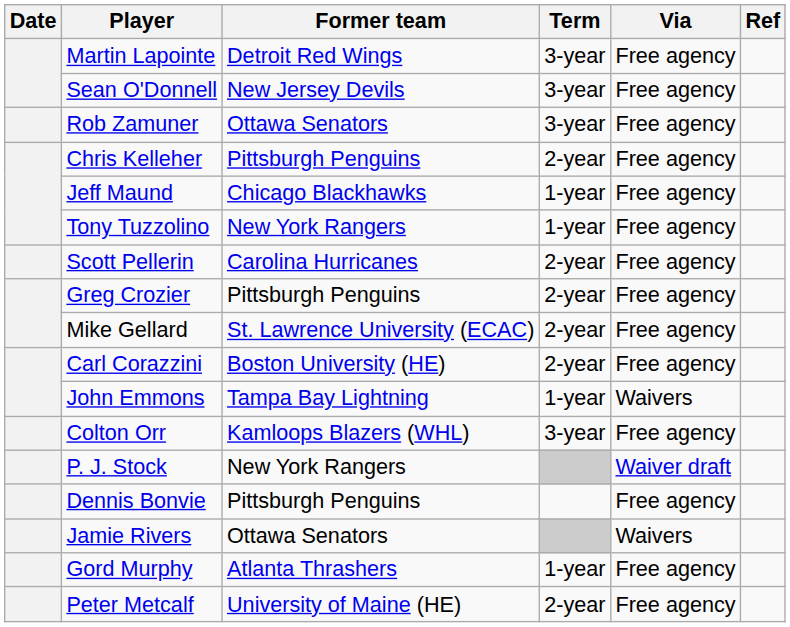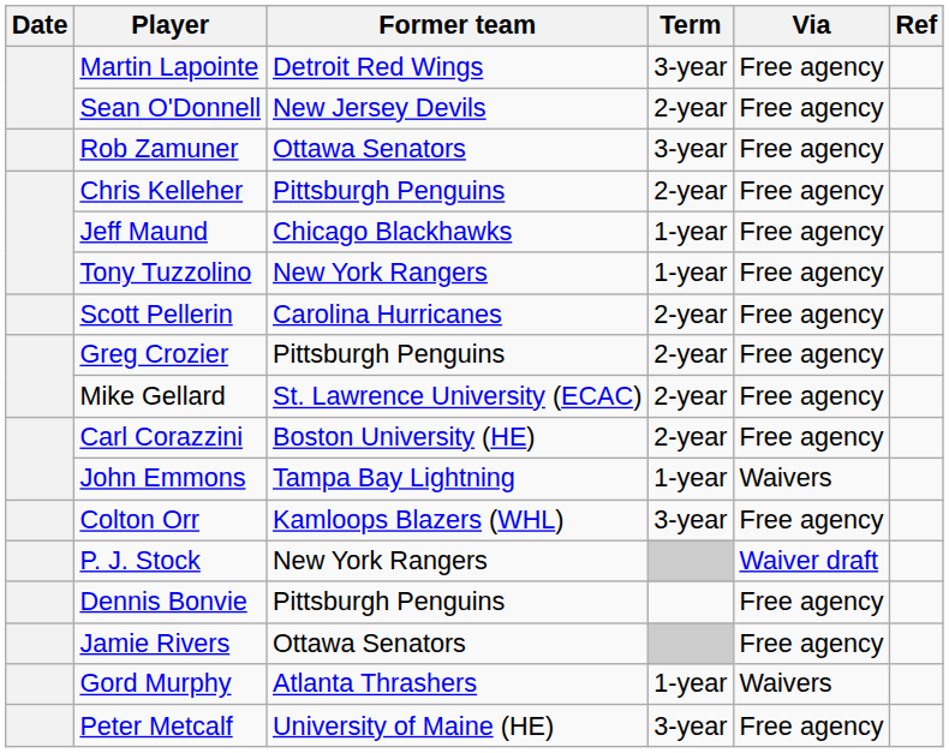 <table class="wikitable plainrowheaders">
 <tr style="background:#ddd; text-align:center;">
 <th>Date</th>
 <th>Player</th>
 <th>Former team</th>
 <th>Term</th>
 <th>Via</th>
 <th>Ref</th>
 </tr>
 <tr>
 <th scope="row" rowspan=2></th>
 <td><a href='#'>Martin Lapointe</a></td>
 <td><a href='#'>Detroit Red Wings</a></td>
 <td>3-year</td>
 <td>Free agency</td>
 <td></td>
 </tr>
 <tr>
 <td><a href='#'>Sean O'Donnell</a></td>
 <td><a href='#'>New Jersey Devils</a></td>
-<td>3-year</td>
+<td>2-year</td>
 <td>Free agency</td>
 <td></td>
 </tr>
 <tr>
 <th scope="row"></th>
 <td><a href='#'>Rob Zamuner</a></td>
 <td><a href='#'>Ottawa Senators</a></td>
 <td>3-year</td>
 <td>Free agency</td>
 <td></td>
 </tr>
 <tr>
 <th scope="row" rowspan=3></th>
 <td><a href='#'>Chris Kelleher</a></td>
 <td><a href='#'>Pittsburgh Penguins</a></td>
 <td>2-year</td>
 <td>Free agency</td>
 <td></td>
 </tr>
 <tr>
 <td><a href='#'>Jeff Maund</a></td>
 <td><a href='#'>Chicago Blackhawks</a></td>
 <td>1-year</td>
 <td>Free agency</td>
 <td></td>
 </tr>
 <tr>
 <td><a href='#'>Tony Tuzzolino</a></td>
 <td><a href='#'>New York Rangers</a></td>
 <td>1-year</td>
 <td>Free agency</td>
 <td></td>
 </tr>
 <tr>
 <th scope="row"></th>
 <td><a href='#'>Scott Pellerin</a></td>
 <td><a href='#'>Carolina Hurricanes</a></td>
 <td>2-year</td>
 <td>Free agency</td>
 <td></td>
 </tr>
 <tr>
 <th scope="row" rowspan=2></th>
 <td><a href='#'>Greg Crozier</a></td>
 <td>Pittsburgh Penguins</td>
 <td>2-year</td>
 <td>Free agency</td>
 <td></td>
 </tr>
 <tr>
 <td>Mike Gellard</td>
 <td><a href='#'>St. Lawrence University</a> (<a href='#'>ECAC</a>)</td>
 <td>2-year</td>
 <td>Free agency</td>
 <td></td>
 </tr>
 <tr>
 <th scope="row" rowspan=2></th>
 <td><a href='#'>Carl Corazzini</a></td>
 <td><a href='#'>Boston University</a> (<a href='#'>HE</a>)</td>
 <td>2-year</td>
 <td>Free agency</td>
 <td></td>
 </tr>
 <tr>
 <td><a href='#'>John Emmons</a></td>
 <td><a href='#'>Tampa Bay Lightning</a></td>
 <td>1-year</td>
 <td>Waivers</td>
 <td></td>
 </tr>
 <tr>
 <th scope="row"></th>
 <td><a href='#'>Colton Orr</a></td>
 <td><a href='#'>Kamloops Blazers</a> (<a href='#'>WHL</a>)</td>
 <td>3-year</td>
 <td>Free agency</td>
 <td></td>
 </tr>
 <tr>
 <th scope="row"></th>
 <td><a href='#'>P. J. Stock</a></td>
 <td>New York Rangers</td>
 <td style="background:#ccc"></td>
 <td><a href='#'>Waiver draft</a></td>
 <td></td>
 </tr>
 <tr>
 <th scope="row"></th>
 <td><a href='#'>Dennis Bonvie</a></td>
 <td>Pittsburgh Penguins</td>
 <td></td>
 <td>Free agency</td>
 <td></td>
 </tr>
 <tr>
 <th scope="row"></th>
 <td><a href='#'>Jamie Rivers</a></td>
 <td>Ottawa Senators</td>
 <td style="background:#ccc"></td>
-<td>Waivers</td>
+<td>Free agency</td>
 <td></td>
 </tr>
 <tr>
 <th scope="row"></th>
 <td><a href='#'>Gord Murphy</a></td>
 <td><a href='#'>Atlanta Thrashers</a></td>
 <td>1-year</td>
-<td>Free agency</td>
+<td>Waivers</td>
 <td></td>
 </tr>
 <tr>
 <th scope="row"></th>
 <td><a href='#'>Peter Metcalf</a></td>
 <td><a href='#'>University of Maine</a> (HE)</td>
-<td>2-year</td>
+<td>3-year</td>
 <td>Free agency</td>
 <td></td>
 </tr>
 </table>
